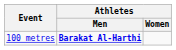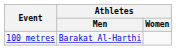 <table class=wikitable style="font-size:90%">
 <tr>
 <th rowspan=2>Event</th>
 <th colspan=2>Athletes</th>
 </tr>
 <tr>
 <th>Men</th>
 <th>Women</th>
 </tr>
 <tr>
 <td><a href='#'>100 metres</a></td>
-<td><strong><a href='#'>Barakat Al-Harthi</a></strong></td>
+<td><a href='#'>Barakat Al-Harthi</a></td>
 <td></td>
 </tr>
 </table>
